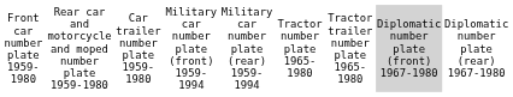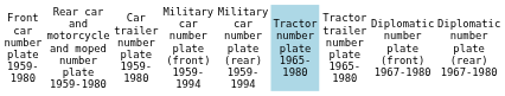 <table class="graytable" style="text-align:center">
 <tr>
 <td width="12%"></td>
 <td width="12%"></td>
 <td width="12%"></td>
 <td width="12%"></td>
 <td width="12%"></td>
 <td width="12%"></td>
 <td width="12%"></td>
 <td width="12%"></td>
 <td width="12%"></td>
 </tr>
 <tr>
 <td>Front car number plate 1959-1980</td>
 <td>Rear car and motorcycle and moped number plate 1959-1980</td>
 <td>Car trailer number plate 1959-1980</td>
 <td>Military car number plate (front) 1959-1994</td>
 <td>Military car number plate (rear) 1959-1994</td>
-<td>Tractor number plate 1965-1980</td>
+<td style="background: lightblue;">Tractor number plate 1965-1980</td>
 <td>Tractor trailer number plate 1965-1980</td>
-<td style="background: lightgrey;">Diplomatic number plate (front) 1967-1980</td>
+<td>Diplomatic number plate (front) 1967-1980</td>
 <td>Diplomatic number plate (rear) 1967-1980</td>
 </tr>
 </table>
